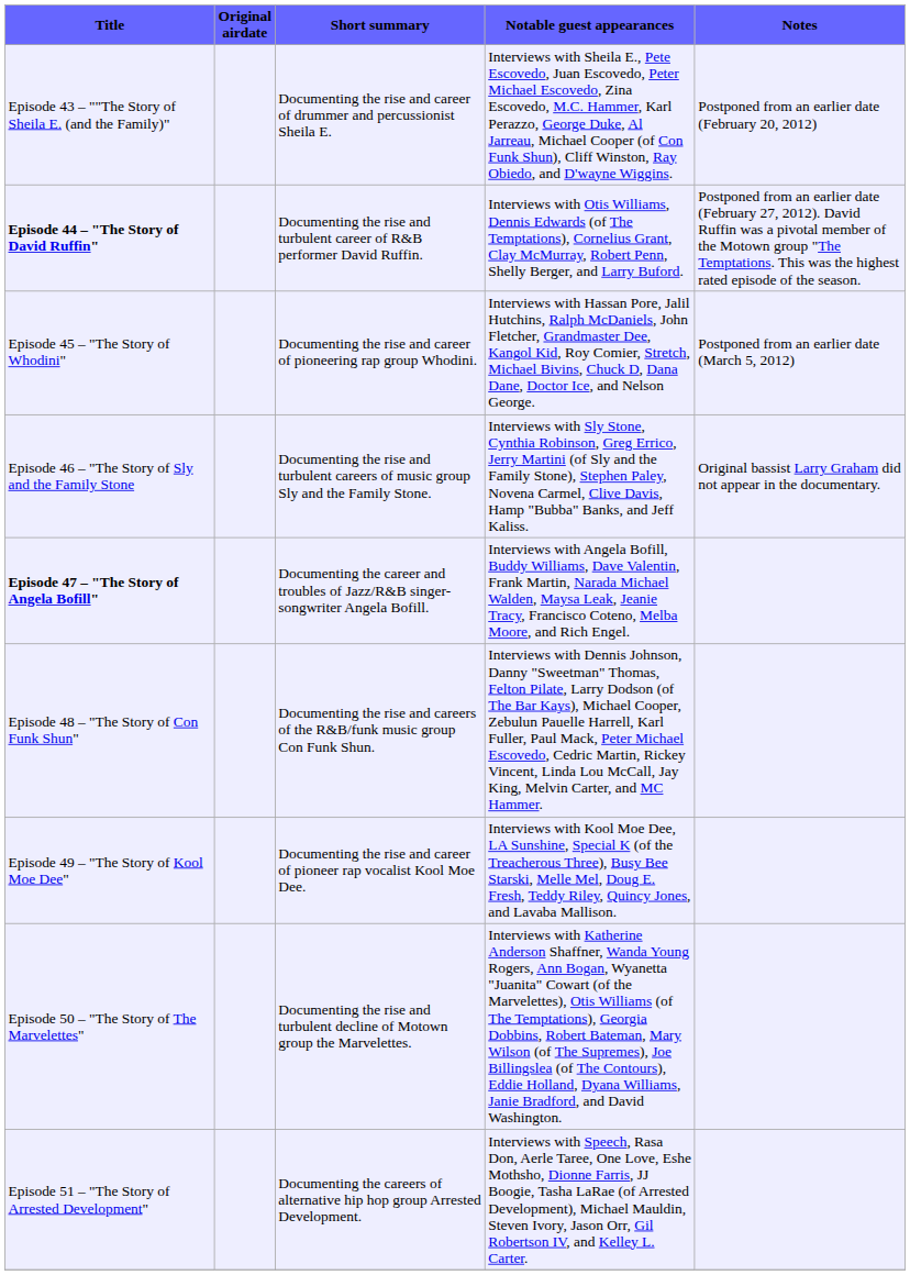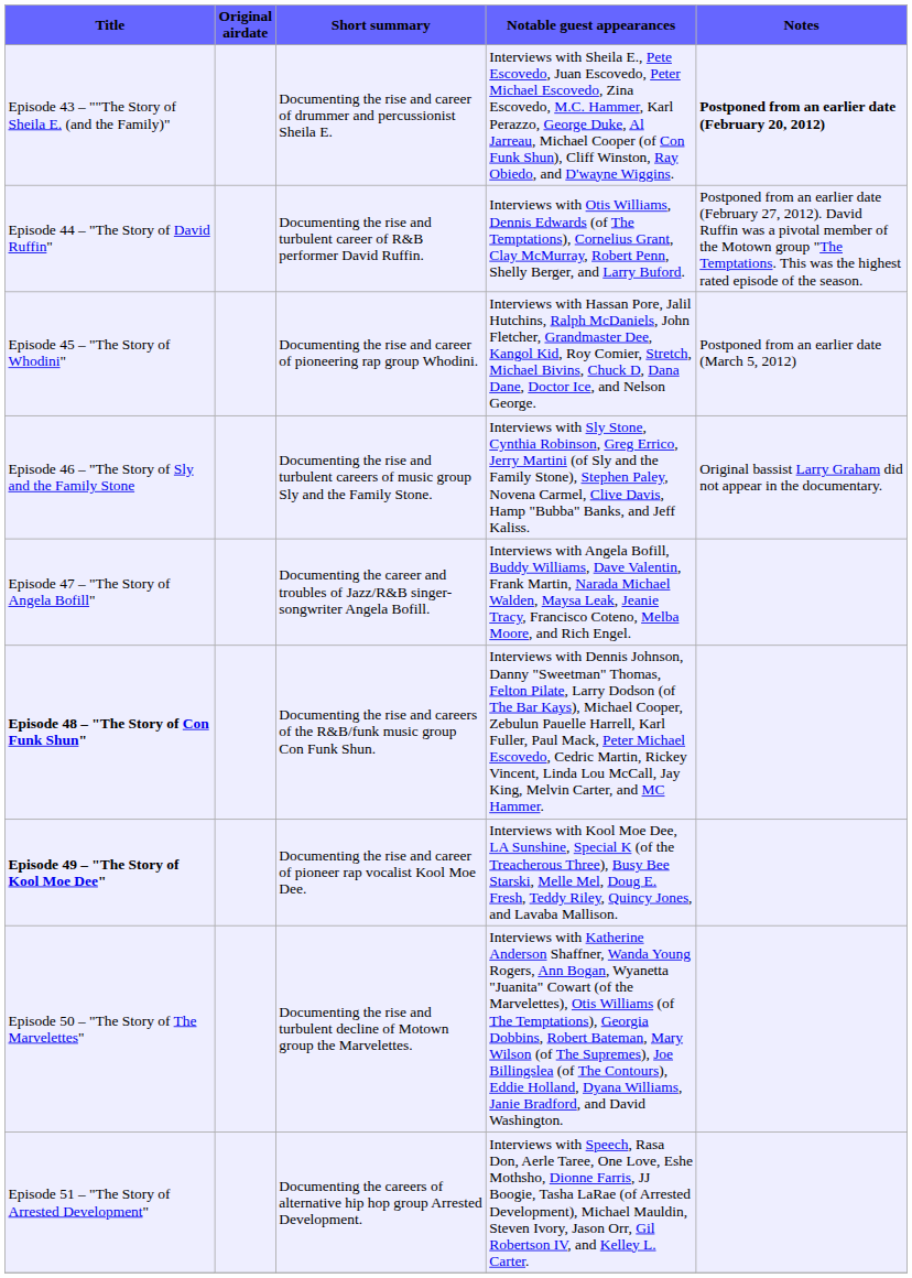 <table class="wikitable" style="background:#EEEEFF">
 <tr>
 <th scope="col" style="background-color: #6666FF" width="220">Title</th>
 <th scope="col" style="background-color: #6666FF" width="40pt">Original airdate</th>
 <th scope="col" style="background-color: #6666FF" width="220">Short summary</th>
 <th scope="col" style="background-color: #6666FF" width="220">Notable guest appearances</th>
 <th scope="col" style="background-color: #6666FF" width="220">Notes</th>
 </tr>
 <tr>
 <td>Episode 43 – ""The Story of <a href='#'>Sheila E.</a> (and the Family)"</td>
 <td></td>
 <td>Documenting the rise and career of drummer and percussionist Sheila E.</td>
 <td>Interviews with Sheila E., <a href='#'>Pete Escovedo</a>, Juan Escovedo, <a href='#'>Peter Michael Escovedo</a>, Zina Escovedo, <a href='#'>M.C. Hammer</a>, Karl Perazzo, <a href='#'>George Duke</a>, <a href='#'>Al Jarreau</a>, Michael Cooper (of <a href='#'>Con Funk Shun</a>), Cliff Winston, <a href='#'>Ray Obiedo</a>, and <a href='#'>D'wayne Wiggins</a>.</td>
-<td>Postponed from an earlier date (February 20, 2012)</td>
+<td><strong>Postponed from an earlier date (February 20, 2012)</strong></td>
 </tr>
 <tr>
-<td><strong>Episode 44 – "The Story of <a href='#'>David Ruffin</a>"</strong></td>
+<td>Episode 44 – "The Story of <a href='#'>David Ruffin</a>"</td>
 <td></td>
 <td>Documenting the rise and turbulent career of R&B performer David Ruffin.</td>
 <td>Interviews with <a href='#'>Otis Williams</a>, <a href='#'>Dennis Edwards</a> (of <a href='#'>The Temptations</a>), <a href='#'>Cornelius Grant</a>, <a href='#'>Clay McMurray</a>, <a href='#'>Robert Penn</a>, Shelly Berger, and <a href='#'>Larry Buford</a>.</td>
 <td>Postponed from an earlier date (February 27, 2012). David Ruffin was a pivotal member of the Motown group "<a href='#'>The Temptations</a>. This was the highest rated episode of the season.</td>
 </tr>
 <tr>
 <td>Episode 45 – "The Story of <a href='#'>Whodini</a>"</td>
 <td></td>
 <td>Documenting the rise and career of pioneering rap group Whodini.</td>
 <td>Interviews with Hassan Pore, Jalil Hutchins, <a href='#'>Ralph McDaniels</a>, John Fletcher, <a href='#'>Grandmaster Dee</a>, <a href='#'>Kangol Kid</a>, Roy Comier, <a href='#'>Stretch</a>, <a href='#'>Michael Bivins</a>, <a href='#'>Chuck D</a>, <a href='#'>Dana Dane</a>, <a href='#'>Doctor Ice</a>, and Nelson George.</td>
 <td>Postponed from an earlier date (March 5, 2012)</td>
 </tr>
 <tr>
 <td>Episode 46 – "The Story of <a href='#'>Sly and the Family Stone</a></td>
 <td></td>
 <td>Documenting the rise and turbulent careers of music group Sly and the Family Stone.</td>
 <td>Interviews with <a href='#'>Sly Stone</a>, <a href='#'>Cynthia Robinson</a>, <a href='#'>Greg Errico</a>, <a href='#'>Jerry Martini</a> (of Sly and the Family Stone), <a href='#'>Stephen Paley</a>, Novena Carmel, <a href='#'>Clive Davis</a>, Hamp "Bubba" Banks, and Jeff Kaliss.</td>
 <td>Original bassist <a href='#'>Larry Graham</a> did not appear in the documentary.</td>
 </tr>
 <tr>
-<td><strong>Episode 47 – "The Story of <a href='#'>Angela Bofill</a>"</strong></td>
+<td>Episode 47 – "The Story of <a href='#'>Angela Bofill</a>"</td>
 <td></td>
 <td>Documenting the career and troubles of Jazz/R&B singer-songwriter Angela Bofill.</td>
 <td>Interviews with Angela Bofill, <a href='#'>Buddy Williams</a>, <a href='#'>Dave Valentin</a>, Frank Martin, <a href='#'>Narada Michael Walden</a>, <a href='#'>Maysa Leak</a>, <a href='#'>Jeanie Tracy</a>, Francisco Coteno, <a href='#'>Melba Moore</a>, and Rich Engel.</td>
 <td></td>
 </tr>
 <tr>
-<td>Episode 48 – "The Story of <a href='#'>Con Funk Shun</a>"</td>
+<td><strong>Episode 48 – "The Story of <a href='#'>Con Funk Shun</a>"</strong></td>
 <td></td>
 <td>Documenting the rise and careers of the R&B/funk music group Con Funk Shun.</td>
 <td>Interviews with Dennis Johnson, Danny "Sweetman" Thomas, <a href='#'>Felton Pilate</a>, Larry Dodson (of <a href='#'>The Bar Kays</a>), Michael Cooper, Zebulun Pauelle Harrell, Karl Fuller, Paul Mack, <a href='#'>Peter Michael Escovedo</a>, Cedric Martin, Rickey Vincent, Linda Lou McCall, Jay King, Melvin Carter, and <a href='#'>MC Hammer</a>.</td>
 <td></td>
 </tr>
 <tr>
-<td>Episode 49 – "The Story of <a href='#'>Kool Moe Dee</a>"</td>
+<td><strong>Episode 49 – "The Story of <a href='#'>Kool Moe Dee</a>"</strong></td>
 <td></td>
 <td>Documenting the rise and career of pioneer rap vocalist Kool Moe Dee.</td>
 <td>Interviews with Kool Moe Dee, <a href='#'>LA Sunshine</a>, <a href='#'>Special K</a> (of the <a href='#'>Treacherous Three</a>), <a href='#'>Busy Bee Starski</a>, <a href='#'>Melle Mel</a>, <a href='#'>Doug E. Fresh</a>, <a href='#'>Teddy Riley</a>, <a href='#'>Quincy Jones</a>, and Lavaba Mallison.</td>
 <td></td>
 </tr>
 <tr>
 <td>Episode 50 – "The Story of <a href='#'>The Marvelettes</a>"</td>
 <td></td>
 <td>Documenting the rise and turbulent decline of Motown group the Marvelettes.</td>
 <td>Interviews with <a href='#'>Katherine Anderson</a> Shaffner, <a href='#'>Wanda Young</a> Rogers, <a href='#'>Ann Bogan</a>, Wyanetta "Juanita" Cowart (of the Marvelettes), <a href='#'>Otis Williams</a> (of <a href='#'>The Temptations</a>), <a href='#'>Georgia Dobbins</a>, <a href='#'>Robert Bateman</a>, <a href='#'>Mary Wilson</a> (of <a href='#'>The Supremes</a>), <a href='#'>Joe Billingslea</a> (of <a href='#'>The Contours</a>), <a href='#'>Eddie Holland</a>, <a href='#'>Dyana Williams</a>, <a href='#'>Janie Bradford</a>, and David Washington.</td>
 <td></td>
 </tr>
 <tr>
 <td>Episode 51 – "The Story of <a href='#'>Arrested Development</a>"</td>
 <td></td>
 <td>Documenting the careers of alternative hip hop group Arrested Development.</td>
 <td>Interviews with <a href='#'>Speech</a>, Rasa Don, Aerle Taree, One Love, Eshe Mothsho, <a href='#'>Dionne Farris</a>, JJ Boogie, Tasha LaRae (of Arrested Development), Michael Mauldin, Steven Ivory, Jason Orr, <a href='#'>Gil Robertson IV</a>, and <a href='#'>Kelley L. Carter</a>.</td>
 <td></td>
 </tr>
 <tr>
 </tr>
 </table>
